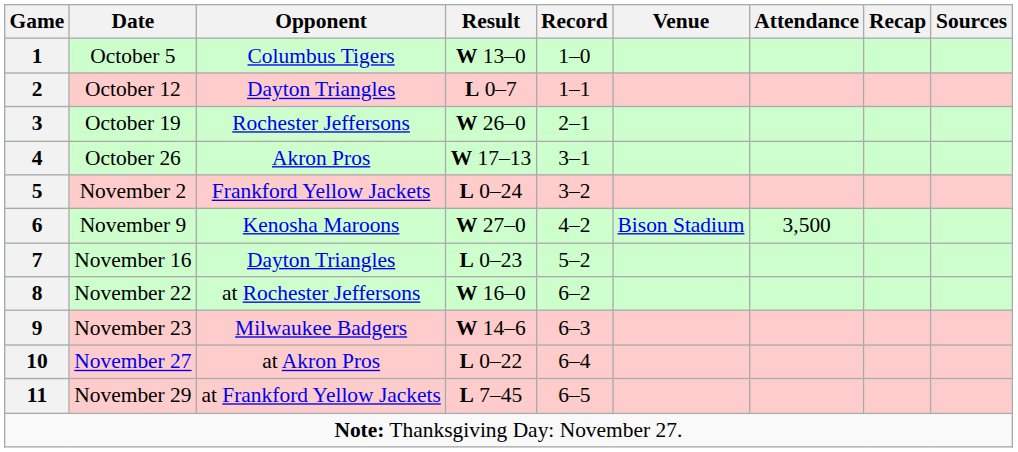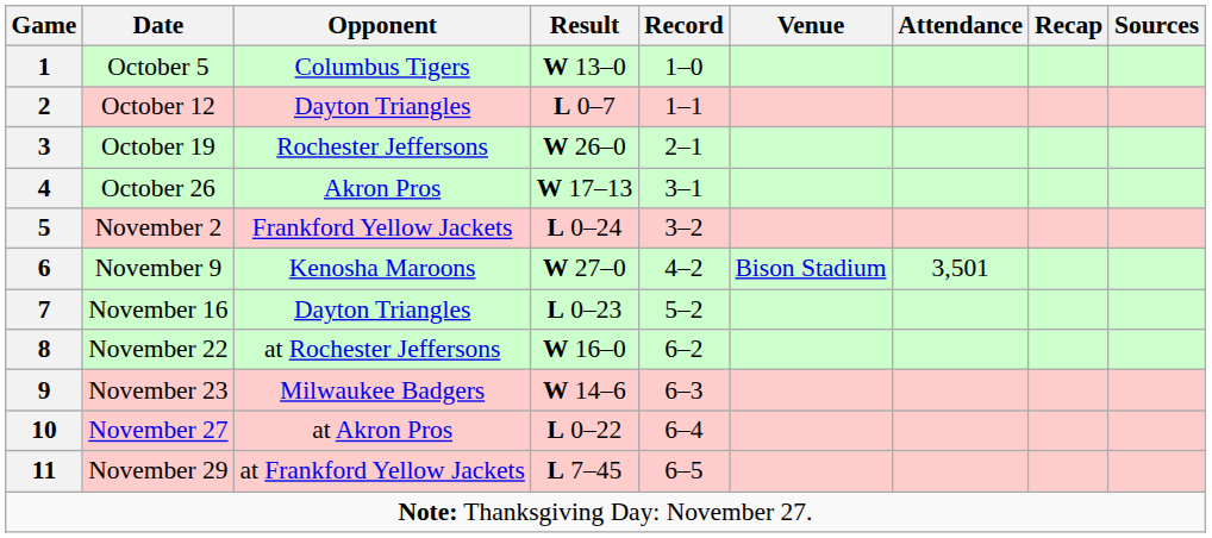 <table class="wikitable" style="text-align:center">
 <tr>
 <th>Game</th>
 <th>Date</th>
 <th>Opponent</th>
 <th>Result</th>
 <th>Record</th>
 <th>Venue</th>
 <th>Attendance</th>
 <th>Recap</th>
 <th>Sources</th>
 </tr>
 <tr style="background:#cfc">
 <th>1</th>
 <td>October 5</td>
 <td><a href='#'>Columbus Tigers</a></td>
 <td><strong>W</strong> 13–0</td>
 <td>1–0</td>
 <td></td>
 <td></td>
 <td></td>
 <td></td>
 </tr>
 <tr style="background:#fcc">
 <th>2</th>
 <td>October 12</td>
 <td><a href='#'>Dayton Triangles</a></td>
 <td><strong>L</strong> 0–7</td>
 <td>1–1</td>
 <td></td>
 <td></td>
 <td></td>
 <td></td>
 </tr>
 <tr style="background:#cfc">
 <th>3</th>
 <td>October 19</td>
 <td><a href='#'>Rochester Jeffersons</a></td>
 <td><strong>W</strong> 26–0</td>
 <td>2–1</td>
 <td></td>
 <td></td>
 <td></td>
 <td></td>
 </tr>
 <tr style="background:#cfc">
 <th>4</th>
 <td>October 26</td>
 <td><a href='#'>Akron Pros</a></td>
 <td><strong>W</strong> 17–13</td>
 <td>3–1</td>
 <td></td>
 <td></td>
 <td></td>
 <td></td>
 </tr>
 <tr style="background:#fcc">
 <th>5</th>
 <td>November 2</td>
 <td><a href='#'>Frankford Yellow Jackets</a></td>
 <td><strong>L</strong> 0–24</td>
 <td>3–2</td>
 <td></td>
 <td></td>
 <td></td>
 <td></td>
 </tr>
 <tr style="background:#cfc">
 <th>6</th>
 <td>November 9</td>
 <td><a href='#'>Kenosha Maroons</a></td>
 <td><strong>W</strong> 27–0</td>
 <td>4–2</td>
 <td><a href='#'>Bison Stadium</a></td>
-<td>3,500</td>
+<td>3,501</td>
 <td></td>
 <td></td>
 </tr>
 <tr style="background:#cfc">
 <th>7</th>
 <td>November 16</td>
 <td><a href='#'>Dayton Triangles</a></td>
 <td><strong>L</strong> 0–23</td>
 <td>5–2</td>
 <td></td>
 <td></td>
 <td></td>
 <td></td>
 </tr>
 <tr style="background:#cfc">
 <th>8</th>
 <td>November 22</td>
 <td>at <a href='#'>Rochester Jeffersons</a></td>
 <td><strong>W</strong> 16–0</td>
 <td>6–2</td>
 <td></td>
 <td></td>
 <td></td>
 <td></td>
 </tr>
 <tr style="background:#fcc">
 <th>9</th>
 <td>November 23</td>
 <td><a href='#'>Milwaukee Badgers</a></td>
 <td><strong>W</strong> 14–6</td>
 <td>6–3</td>
 <td></td>
 <td></td>
 <td></td>
 <td></td>
 </tr>
 <tr style="background:#fcc">
 <th>10</th>
 <td><a href='#'>November 27</a></td>
 <td>at <a href='#'>Akron Pros</a></td>
 <td><strong>L</strong> 0–22</td>
 <td>6–4</td>
 <td></td>
 <td></td>
 <td></td>
 <td></td>
 </tr>
 <tr style="background:#fcc">
 <th>11</th>
 <td>November 29</td>
 <td>at <a href='#'>Frankford Yellow Jackets</a></td>
 <td><strong>L</strong> 7–45</td>
 <td>6–5</td>
 <td></td>
 <td></td>
 <td></td>
 <td></td>
 </tr>
 <tr>
 <td colspan="10"><strong>Note:</strong> Thanksgiving Day: November 27.</td>
 </tr>
 </table>
